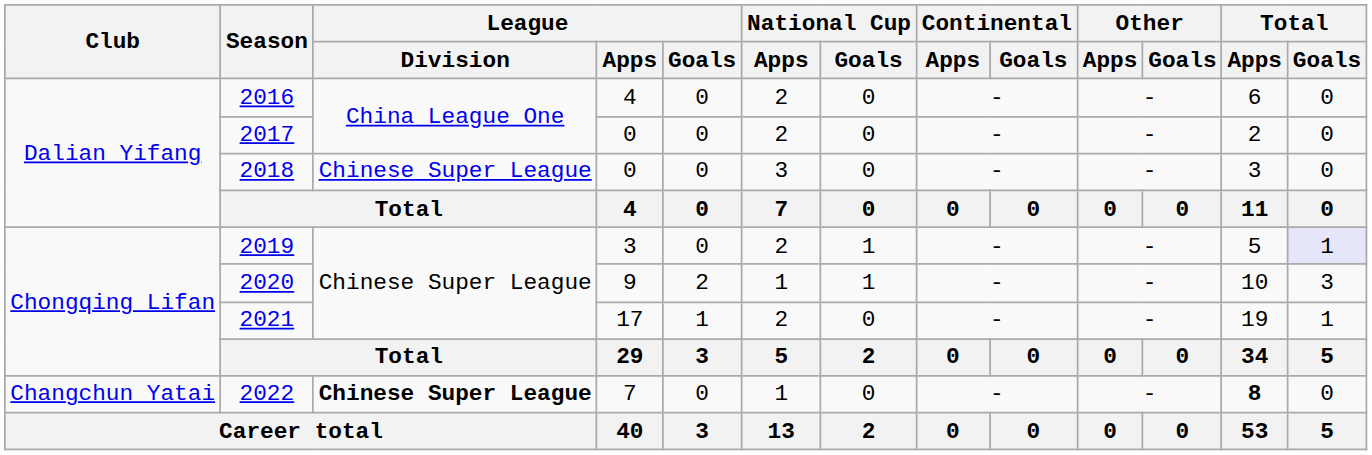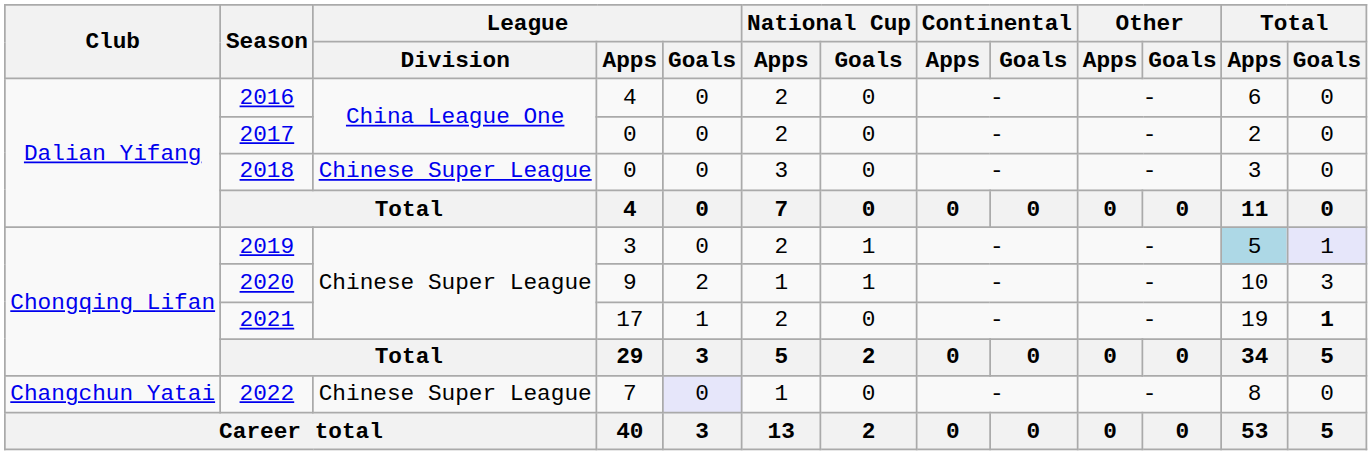 <table class="wikitable" style="text-align: center">
 <tr>
 <th rowspan="2">Club</th>
 <th rowspan="2">Season</th>
 <th colspan="3">League</th>
 <th colspan="2">National Cup</th>
 <th colspan="2">Continental</th>
 <th colspan="2">Other</th>
 <th colspan="2">Total</th>
 </tr>
 <tr>
 <th>Division</th>
 <th>Apps</th>
 <th>Goals</th>
 <th>Apps</th>
 <th>Goals</th>
 <th>Apps</th>
 <th>Goals</th>
 <th>Apps</th>
 <th>Goals</th>
 <th>Apps</th>
 <th>Goals</th>
 </tr>
 <tr>
 <td rowspan="4"><a href='#'>Dalian Yifang</a></td>
 <td><a href='#'>2016</a></td>
 <td rowspan="2"><a href='#'>China League One</a></td>
 <td>4</td>
 <td>0</td>
 <td>2</td>
 <td>0</td>
 <td colspan="2">-</td>
 <td colspan="2">-</td>
 <td>6</td>
 <td>0</td>
 </tr>
 <tr>
 <td><a href='#'>2017</a></td>
 <td>0</td>
 <td>0</td>
 <td>2</td>
 <td>0</td>
 <td colspan="2">-</td>
 <td colspan="2">-</td>
 <td>2</td>
 <td>0</td>
 </tr>
 <tr>
 <td><a href='#'>2018</a></td>
 <td><a href='#'>Chinese Super League</a></td>
 <td>0</td>
 <td>0</td>
 <td>3</td>
 <td>0</td>
 <td colspan="2">-</td>
 <td colspan="2">-</td>
 <td>3</td>
 <td>0</td>
 </tr>
 <tr>
 <th colspan="2">Total</th>
 <th>4</th>
 <th>0</th>
 <th>7</th>
 <th>0</th>
 <th>0</th>
 <th>0</th>
 <th>0</th>
 <th>0</th>
 <th>11</th>
 <th>0</th>
 </tr>
 <tr>
 <td rowspan=4><a href='#'>Chongqing Lifan</a></td>
 <td><a href='#'>2019</a></td>
 <td rowspan=3>Chinese Super League</td>
 <td>3</td>
 <td>0</td>
 <td>2</td>
 <td>1</td>
 <td colspan="2">-</td>
 <td colspan="2">-</td>
-<td>5</td>
+<td style="background: lightblue;">5</td>
 <td style="background: lavender;">1</td>
 </tr>
 <tr>
 <td><a href='#'>2020</a></td>
 <td>9</td>
 <td>2</td>
 <td>1</td>
 <td>1</td>
 <td colspan="2">-</td>
 <td colspan="2">-</td>
 <td>10</td>
 <td>3</td>
 </tr>
 <tr>
 <td><a href='#'>2021</a></td>
 <td>17</td>
 <td>1</td>
 <td>2</td>
 <td>0</td>
 <td colspan="2">-</td>
 <td colspan="2">-</td>
 <td>19</td>
-<td>1</td>
+<td><strong>1</strong></td>
 </tr>
 <tr>
 <th colspan="2">Total</th>
 <th>29</th>
 <th>3</th>
 <th>5</th>
 <th>2</th>
 <th>0</th>
 <th>0</th>
 <th>0</th>
 <th>0</th>
 <th>34</th>
 <th>5</th>
 </tr>
 <tr>
 <td><a href='#'>Changchun Yatai</a></td>
 <td><a href='#'>2022</a></td>
-<td><strong>Chinese Super League</strong></td>
+<td>Chinese Super League</td>
 <td>7</td>
-<td>0</td>
+<td style="background: lavender;">0</td>
 <td>1</td>
 <td>0</td>
 <td colspan="2">-</td>
 <td colspan="2">-</td>
-<td><strong>8</strong></td>
+<td>8</td>
 <td>0</td>
 </tr>
 <tr>
 <th colspan=3>Career total</th>
 <th>40</th>
 <th>3</th>
 <th>13</th>
 <th>2</th>
 <th>0</th>
 <th>0</th>
 <th>0</th>
 <th>0</th>
 <th>53</th>
 <th>5</th>
 </tr>
 </table>
